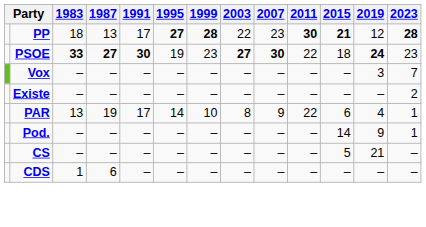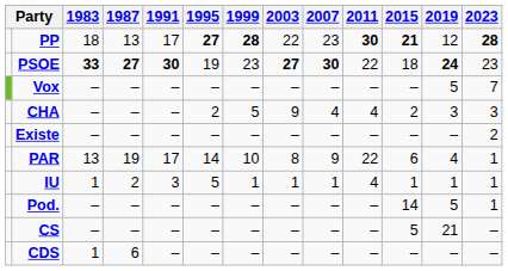 <table class=wikitable style=text-align:right>
 <tr>
 <th colspan=2>Party</th>
 <th><a href='#'>1983</a></th>
 <th><a href='#'>1987</a></th>
 <th><a href='#'>1991</a></th>
 <th><a href='#'>1995</a></th>
 <th><a href='#'>1999</a></th>
 <th><a href='#'>2003</a></th>
 <th><a href='#'>2007</a></th>
 <th><a href='#'>2011</a></th>
 <th><a href='#'>2015</a></th>
 <th><a href='#'>2019</a></th>
 <th><a href='#'>2023</a></th>
 </tr>
 <tr>
 <td></td>
 <td><strong><a href='#'>PP</a></strong></td>
 <td align="right">18</td>
 <td align="right">13</td>
 <td align="right">17</td>
 <td align="right" ><strong>27</strong></td>
 <td align="right" ><strong>28</strong></td>
 <td align="right">22</td>
 <td align="right">23</td>
 <td align="right" ><strong>30</strong></td>
 <td align="right" ><strong>21</strong></td>
 <td align="right">12</td>
 <td align="right" ><strong>28</strong></td>
 </tr>
 <tr>
 <td bgcolor=></td>
 <td><strong><a href='#'>PSOE</a></strong></td>
 <td align="right" ><strong>33</strong></td>
 <td align="right" ><strong>27</strong></td>
 <td align="right" ><strong>30</strong></td>
 <td align="right">19</td>
 <td align="right">23</td>
 <td align="right" ><strong>27</strong></td>
 <td align="right" ><strong>30</strong></td>
 <td align="right">22</td>
 <td align="right">18</td>
 <td align="right" ><strong>24</strong></td>
 <td align="right">23</td>
 </tr>
 <tr>
 <td bgcolor="#63BE21"></td>
 <td><a href='#'><strong>Vox</strong></a></td>
 <td>–</td>
 <td>–</td>
 <td>–</td>
 <td>–</td>
 <td>–</td>
 <td>–</td>
 <td>–</td>
 <td>–</td>
 <td>–</td>
+<td>5</td>
+<td>7</td>
+</tr>
+<tr>
+<td></td>
+<td><strong><a href='#'>CHA</a></strong></td>
+<td align="right">–</td>
+<td align="right">–</td>
+<td align="right">–</td>
+<td align="right">2</td>
+<td align="right">5</td>
+<td align="right">9</td>
+<td align="right">4</td>
+<td align="right">4</td>
+<td align="right">2</td>
 <td>3</td>
-<td>7</td>
+<td>3</td>
 </tr>
 <tr>
 <td bgcolor=></td>
 <td><strong><a href='#'>Existe</a></strong></td>
 <td>–</td>
 <td>–</td>
 <td>–</td>
 <td>–</td>
 <td>–</td>
 <td>–</td>
 <td>–</td>
 <td>–</td>
 <td>–</td>
 <td>–</td>
 <td>2</td>
 </tr>
 <tr>
 <td bgcolor=></td>
 <td><strong><a href='#'>PAR</a></strong></td>
 <td align="right">13</td>
 <td align="right">19</td>
 <td align="right">17</td>
 <td align="right">14</td>
 <td align="right">10</td>
 <td align="right">8</td>
 <td align="right">9</td>
 <td align="right">22</td>
 <td align="right">6</td>
 <td>4</td>
 <td>1</td>
 </tr>
 <tr>
+<td bgcolor=></td>
+<td><strong><a href='#'>IU</a></strong></td>
+<td align="right">1</td>
+<td align="right">2</td>
+<td align="right">3</td>
+<td align="right">5</td>
+<td align="right">1</td>
+<td align="right">1</td>
+<td align="right">1</td>
+<td align="right">4</td>
+<td align="right">1</td>
+<td>1</td>
+<td>1</td>
+</tr>
+<tr>
 <td></td>
 <td><strong><a href='#'>Pod.</a></strong></td>
 <td align="right">–</td>
 <td align="right">–</td>
 <td align="right">–</td>
 <td align="right">–</td>
 <td align="right">–</td>
 <td align="right">–</td>
 <td align="right">–</td>
 <td align="right">–</td>
 <td align="right">14</td>
-<td>9</td>
+<td>5</td>
 <td>1</td>
 </tr>
 <tr>
 <td bgcolor=></td>
 <td><strong><a href='#'>CS</a></strong></td>
 <td align="right">–</td>
 <td align="right">–</td>
 <td align="right">–</td>
 <td align="right">–</td>
 <td align="right">–</td>
 <td align="right">–</td>
 <td align="right">–</td>
 <td align="right">–</td>
 <td align="right">5</td>
 <td>21</td>
 <td>–</td>
 </tr>
 <tr>
 <td bgcolor=></td>
 <td><strong><a href='#'>CDS</a></strong></td>
 <td align="right">1</td>
 <td align="right">6</td>
 <td align="right">–</td>
 <td align="right">–</td>
 <td align="right">–</td>
 <td align="right">–</td>
 <td align="right">–</td>
 <td align="right">–</td>
 <td align="right">–</td>
 <td>–</td>
 <td>–</td>
 </tr>
 </table>
